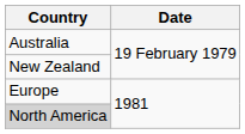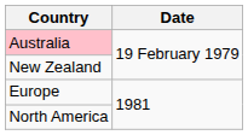 <table class="wikitable">
 <tr>
 <th>Country</th>
 <th>Date</th>
 </tr>
 <tr>
-<td>Australia</td>
+<td style="background: pink;">Australia</td>
 <td rowspan="2">19 February 1979</td>
 </tr>
 <tr>
 <td>New Zealand</td>
 </tr>
 <tr>
 <td>Europe</td>
 <td rowspan="2">1981</td>
 </tr>
 <tr>
-<td style="background: lightgrey;">North America</td>
+<td>North America</td>
 </tr>
 </table>
